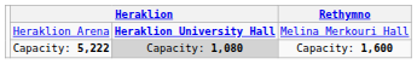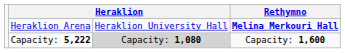 <table class="wikitable" style="text-align:center">
 <tr>
 <td rowspan=8></td>
 <th colspan=2><a href='#'>Heraklion</a></th>
 <th><a href='#'>Rethymno</a></th>
 </tr>
 <tr>
 <td><a href='#'>Heraklion Arena</a></td>
-<td><strong><a href='#'>Heraklion University Hall</a></strong></td>
-<td><a href='#'>Melina Merkouri Hall</a></td>
+<td><a href='#'>Heraklion University Hall</a></td>
+<td><strong><a href='#'>Melina Merkouri Hall</a></strong></td>
 </tr>
 <tr>
 <td>Capacity: <strong>5,222</strong></td>
 <td style="background: lightgrey;">Capacity: <strong>1,080</strong></td>
 <td>Capacity: <strong>1,600</strong></td>
 </tr>
 </table>
